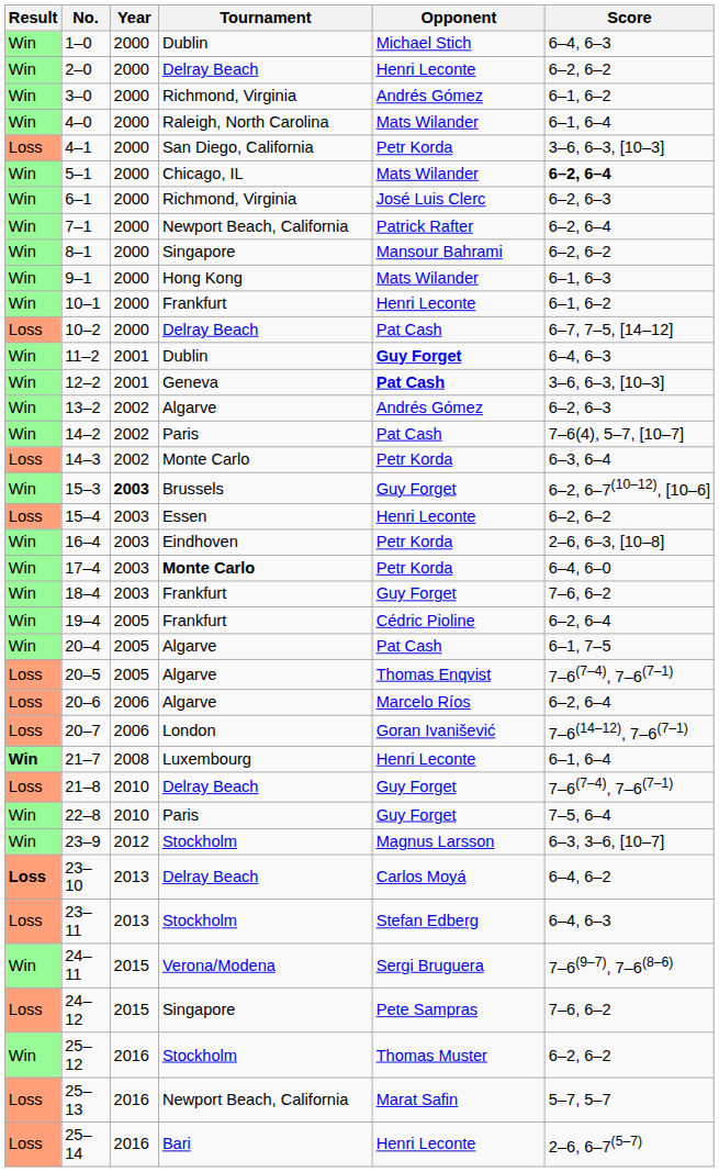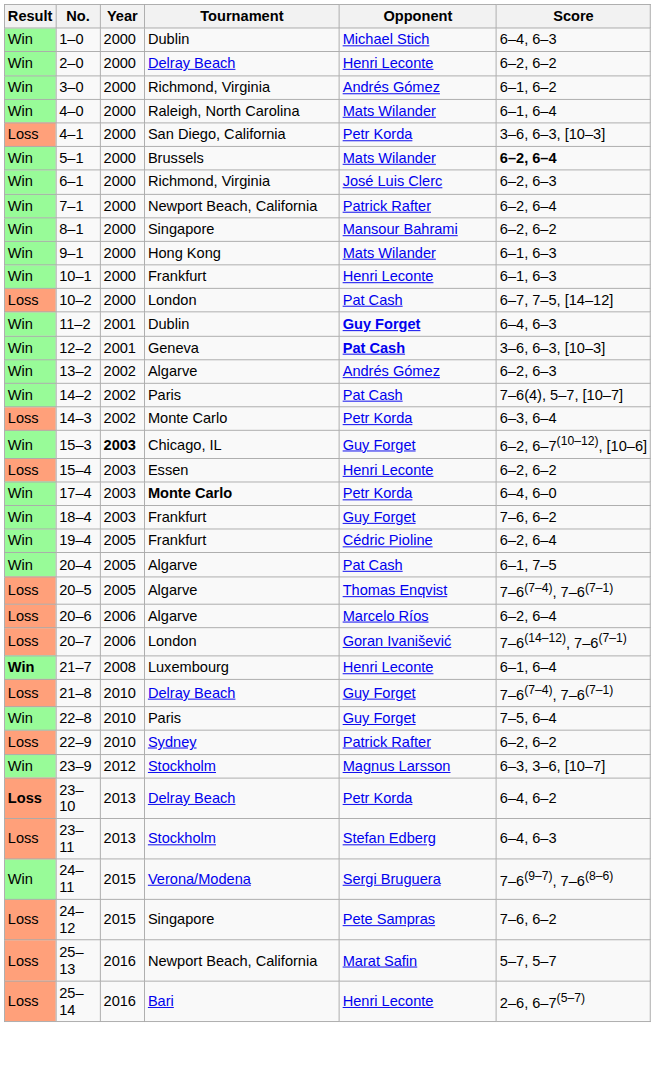 <table class="sortable wikitable" style=font-size:97%>
 <tr>
 <th style=width:40px>Result</th>
 <th style=width:40px>No.</th>
 <th style=width:40px>Year</th>
 <th style=width:200px>Tournament</th>
 <th style=width:160px>Opponent</th>
 <th class=unsortable>Score</th>
 </tr>
 <tr>
 <td style=background:#98fb98>Win</td>
 <td>1–0</td>
 <td>2000</td>
 <td>Dublin</td>
 <td> <a href='#'>Michael Stich</a></td>
 <td>6–4, 6–3</td>
 </tr>
 <tr>
 <td style=background:#98fb98>Win</td>
 <td>2–0</td>
 <td>2000</td>
 <td><a href='#'>Delray Beach</a></td>
 <td> <a href='#'>Henri Leconte</a></td>
 <td>6–2, 6–2</td>
 </tr>
 <tr>
 <td style=background:#98fb98>Win</td>
 <td>3–0</td>
 <td>2000</td>
 <td>Richmond, Virginia</td>
 <td> <a href='#'>Andrés Gómez</a></td>
 <td>6–1, 6–2</td>
 </tr>
 <tr>
 <td style=background:#98fb98>Win</td>
 <td>4–0</td>
 <td>2000</td>
 <td>Raleigh, North Carolina</td>
 <td> <a href='#'>Mats Wilander</a></td>
 <td>6–1, 6–4</td>
 </tr>
 <tr>
 <td style=background:#ffa07a>Loss</td>
 <td>4–1</td>
 <td>2000</td>
 <td>San Diego, California</td>
 <td> <a href='#'>Petr Korda</a></td>
 <td>3–6, 6–3, [10–3]</td>
 </tr>
 <tr>
 <td style=background:#98fb98>Win</td>
 <td>5–1</td>
 <td>2000</td>
-<td>Chicago, IL</td>
+<td>Brussels</td>
 <td> <a href='#'>Mats Wilander</a></td>
 <td><strong>6–2, 6–4</strong></td>
 </tr>
 <tr>
 <td style=background:#98fb98>Win</td>
 <td>6–1</td>
 <td>2000</td>
 <td>Richmond, Virginia</td>
 <td> <a href='#'>José Luis Clerc</a></td>
 <td>6–2, 6–3</td>
 </tr>
 <tr>
 <td style=background:#98fb98>Win</td>
 <td>7–1</td>
 <td>2000</td>
 <td>Newport Beach, California</td>
 <td> <a href='#'>Patrick Rafter</a></td>
 <td>6–2, 6–4</td>
 </tr>
 <tr>
 <td style=background:#98fb98>Win</td>
 <td>8–1</td>
 <td>2000</td>
 <td>Singapore</td>
 <td> <a href='#'>Mansour Bahrami</a></td>
 <td>6–2, 6–2</td>
 </tr>
 <tr>
 <td style=background:#98fb98>Win</td>
 <td>9–1</td>
 <td>2000</td>
 <td>Hong Kong</td>
 <td> <a href='#'>Mats Wilander</a></td>
 <td>6–1, 6–3</td>
 </tr>
 <tr>
 <td style=background:#98fb98>Win</td>
 <td>10–1</td>
 <td>2000</td>
 <td>Frankfurt</td>
 <td> <a href='#'>Henri Leconte</a></td>
-<td>6–1, 6–2</td>
+<td>6–1, 6–3</td>
 </tr>
 <tr>
 <td style=background:#ffa07a>Loss</td>
 <td>10–2</td>
 <td>2000</td>
-<td><a href='#'>Delray Beach</a></td>
+<td>London</td>
 <td> <a href='#'>Pat Cash</a></td>
 <td>6–7, 7–5, [14–12]</td>
 </tr>
 <tr>
 <td style=background:#98fb98>Win</td>
 <td>11–2</td>
 <td>2001</td>
 <td>Dublin</td>
 <td><strong> <a href='#'>Guy Forget</a></strong></td>
 <td>6–4, 6–3</td>
 </tr>
 <tr>
 <td style=background:#98fb98>Win</td>
 <td>12–2</td>
 <td>2001</td>
 <td>Geneva</td>
 <td><strong> <a href='#'>Pat Cash</a></strong></td>
 <td>3–6, 6–3, [10–3]</td>
 </tr>
 <tr>
 <td style=background:#98fb98>Win</td>
 <td>13–2</td>
 <td>2002</td>
 <td>Algarve</td>
 <td> <a href='#'>Andrés Gómez</a></td>
 <td>6–2, 6–3</td>
 </tr>
 <tr>
 <td style=background:#98fb98>Win</td>
 <td>14–2</td>
 <td>2002</td>
 <td>Paris</td>
 <td> <a href='#'>Pat Cash</a></td>
 <td>7–6(4), 5–7, [10–7]</td>
 </tr>
 <tr>
 <td style=background:#ffa07a>Loss</td>
 <td>14–3</td>
 <td>2002</td>
 <td>Monte Carlo</td>
 <td> <a href='#'>Petr Korda</a></td>
 <td>6–3, 6–4</td>
 </tr>
 <tr>
 <td style=background:#98fb98>Win</td>
 <td>15–3</td>
 <td><strong>2003</strong></td>
-<td>Brussels</td>
+<td>Chicago, IL</td>
 <td> <a href='#'>Guy Forget</a></td>
 <td>6–2, 6–7<sup>(10–12)</sup>, [10–6]</td>
 </tr>
 <tr>
 <td style=background:#ffa07a>Loss</td>
 <td>15–4</td>
 <td>2003</td>
 <td>Essen</td>
 <td> <a href='#'>Henri Leconte</a></td>
 <td>6–2, 6–2</td>
-</tr>
-<tr>
-<td style=background:#98fb98>Win</td>
-<td>16–4</td>
-<td>2003</td>
-<td>Eindhoven</td>
-<td> <a href='#'>Petr Korda</a></td>
-<td>2–6, 6–3, [10–8]</td>
 </tr>
 <tr>
 <td style=background:#98fb98>Win</td>
 <td>17–4</td>
 <td>2003</td>
 <td><strong>Monte Carlo</strong></td>
 <td> <a href='#'>Petr Korda</a></td>
 <td>6–4, 6–0</td>
 </tr>
 <tr>
 <td style=background:#98fb98>Win</td>
 <td>18–4</td>
 <td>2003</td>
 <td>Frankfurt</td>
 <td> <a href='#'>Guy Forget</a></td>
 <td>7–6, 6–2</td>
 </tr>
 <tr>
 <td style=background:#98fb98>Win</td>
 <td>19–4</td>
 <td>2005</td>
 <td>Frankfurt</td>
 <td> <a href='#'>Cédric Pioline</a></td>
 <td>6–2, 6–4</td>
 </tr>
 <tr>
 <td style=background:#98fb98>Win</td>
 <td>20–4</td>
 <td>2005</td>
 <td>Algarve</td>
 <td> <a href='#'>Pat Cash</a></td>
 <td>6–1, 7–5</td>
 </tr>
 <tr>
 <td style=background:#ffa07a>Loss</td>
 <td>20–5</td>
 <td>2005</td>
 <td>Algarve</td>
 <td> <a href='#'>Thomas Enqvist</a></td>
 <td>7–6<sup>(7–4)</sup>, 7–6<sup>(7–1)</sup></td>
 </tr>
 <tr>
 <td style=background:#ffa07a>Loss</td>
 <td>20–6</td>
 <td>2006</td>
 <td>Algarve</td>
 <td> <a href='#'>Marcelo Ríos</a></td>
 <td>6–2, 6–4</td>
 </tr>
 <tr>
 <td style=background:#ffa07a>Loss</td>
 <td>20–7</td>
 <td>2006</td>
 <td>London</td>
 <td> <a href='#'>Goran Ivanišević</a></td>
 <td>7–6<sup>(14–12)</sup>, 7–6<sup>(7–1)</sup></td>
 </tr>
 <tr>
 <td style=background:#98fb98><strong>Win</strong></td>
 <td>21–7</td>
 <td>2008</td>
 <td>Luxembourg</td>
 <td> <a href='#'>Henri Leconte</a></td>
 <td>6–1, 6–4</td>
 </tr>
 <tr>
 <td style=background:#ffa07a>Loss</td>
 <td>21–8</td>
 <td>2010</td>
 <td><a href='#'>Delray Beach</a></td>
 <td> <a href='#'>Guy Forget</a></td>
 <td>7–6<sup>(7–4)</sup>, 7–6<sup>(7–1)</sup></td>
 </tr>
 <tr>
 <td style=background:#98fb98>Win</td>
 <td>22–8</td>
 <td>2010</td>
 <td>Paris</td>
 <td> <a href='#'>Guy Forget</a></td>
 <td>7–5, 6–4</td>
 </tr>
 <tr>
+<td style=background:#ffa07a>Loss</td>
+<td>22–9</td>
+<td>2010</td>
+<td><a href='#'>Sydney</a></td>
+<td> <a href='#'>Patrick Rafter</a></td>
+<td>6–2, 6–2</td>
+</tr>
+<tr>
 <td style=background:#98fb98>Win</td>
 <td>23–9</td>
 <td>2012</td>
 <td><a href='#'>Stockholm</a></td>
 <td> <a href='#'>Magnus Larsson</a></td>
 <td>6–3, 3–6, [10–7]</td>
 </tr>
 <tr>
 <td style=background:#ffa07a><strong>Loss</strong></td>
 <td>23–10</td>
 <td>2013</td>
 <td><a href='#'>Delray Beach</a></td>
-<td> <a href='#'>Carlos Moyá</a></td>
+<td> <a href='#'>Petr Korda</a></td>
 <td>6–4, 6–2</td>
 </tr>
 <tr>
 <td style=background:#ffa07a>Loss</td>
 <td>23–11</td>
 <td>2013</td>
 <td><a href='#'>Stockholm</a></td>
 <td> <a href='#'>Stefan Edberg</a></td>
 <td>6–4, 6–3</td>
 </tr>
 <tr>
 <td style="background:#98fb98">Win</td>
 <td>24–11</td>
 <td>2015</td>
 <td><a href='#'>Verona/Modena</a></td>
 <td> <a href='#'>Sergi Bruguera</a></td>
 <td>7–6<sup>(9–7)</sup>, 7–6<sup>(8–6)</sup></td>
 </tr>
 <tr>
 <td style="background:#ffa07a">Loss</td>
 <td>24–12</td>
 <td>2015</td>
 <td>Singapore</td>
 <td> <a href='#'>Pete Sampras</a></td>
 <td>7–6, 6–2</td>
 </tr>
 <tr>
-<td style="background:#98fb98">Win</td>
-<td>25–12</td>
-<td>2016</td>
-<td><a href='#'>Stockholm</a></td>
-<td> <a href='#'>Thomas Muster</a></td>
-<td>6–2, 6–2</td>
-</tr>
-<tr>
 <td style="background:#ffa07a">Loss</td>
 <td>25–13</td>
 <td>2016</td>
 <td>Newport Beach, California</td>
 <td> <a href='#'>Marat Safin</a></td>
 <td>5–7, 5–7</td>
 </tr>
 <tr>
 <td style="background:#ffa07a">Loss</td>
 <td>25–14</td>
 <td>2016</td>
 <td><a href='#'>Bari</a></td>
 <td> <a href='#'>Henri Leconte</a></td>
 <td>2–6, 6–7<sup>(5–7)</sup></td>
 </tr>
 </table>
